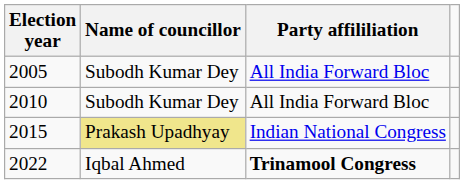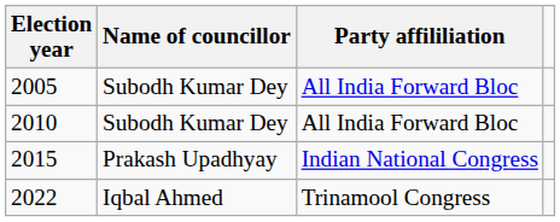 <table class="wikitable"ìÍĦĤĠčw>
 <tr>
 <th>Election<br> year</th>
 <th>Name of councillor</th>
 <th>Party affililiation</th>
 </tr>
 <tr>
 <td>2005</td>
 <td>Subodh Kumar Dey</td>
 <td><a href='#'>All India Forward Bloc</a></td>
 <td></td>
 </tr>
 <tr>
 <td>2010</td>
 <td>Subodh Kumar Dey</td>
 <td>All India Forward Bloc</td>
 <td></td>
 </tr>
 <tr>
 <td>2015</td>
-<td style="background: khaki;">Prakash Upadhyay</td>
+<td>Prakash Upadhyay</td>
 <td><a href='#'>Indian National Congress</a></td>
 <td></td>
 </tr>
 <tr>
 <td>2022</td>
 <td>Iqbal Ahmed</td>
-<td><strong>Trinamool Congress</strong></td>
+<td>Trinamool Congress</td>
 <td></td>
 </tr>
 </table>
